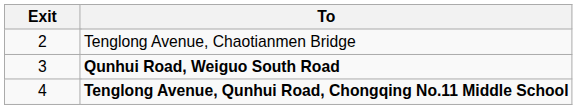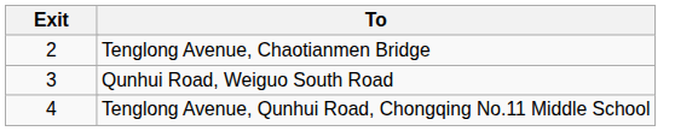 <table class="wikitable">
 <tr>
 <th style="width:70px" colspan="2">Exit</th>
 <th>To</th>
 </tr>
 <tr>
 <td align="center" colspan="2">2</td>
 <td>Tenglong Avenue, Chaotianmen Bridge</td>
 </tr>
 <tr>
 <td align="center" colspan="2">3</td>
-<td><strong>Qunhui Road, Weiguo South Road</strong></td>
+<td>Qunhui Road, Weiguo South Road</td>
 </tr>
 <tr>
 <td align="center" colspan="2">4</td>
-<td><strong>Tenglong Avenue, Qunhui Road, Chongqing No.11 Middle School</strong></td>
+<td>Tenglong Avenue, Qunhui Road, Chongqing No.11 Middle School</td>
 </tr>
 </table>
